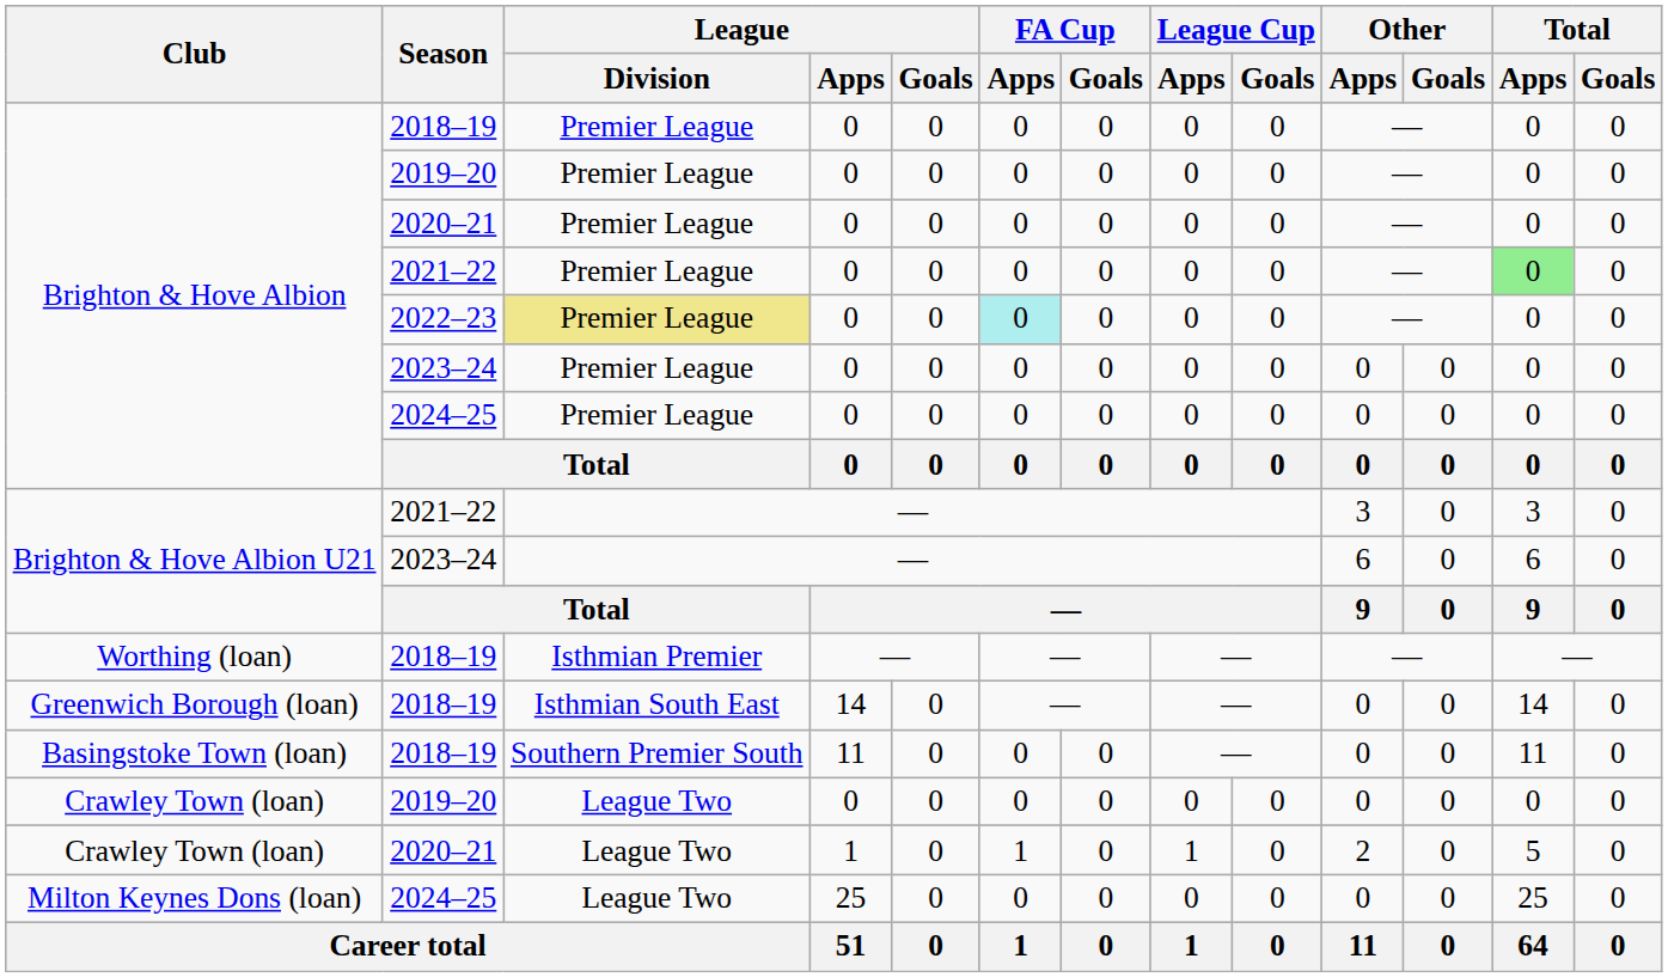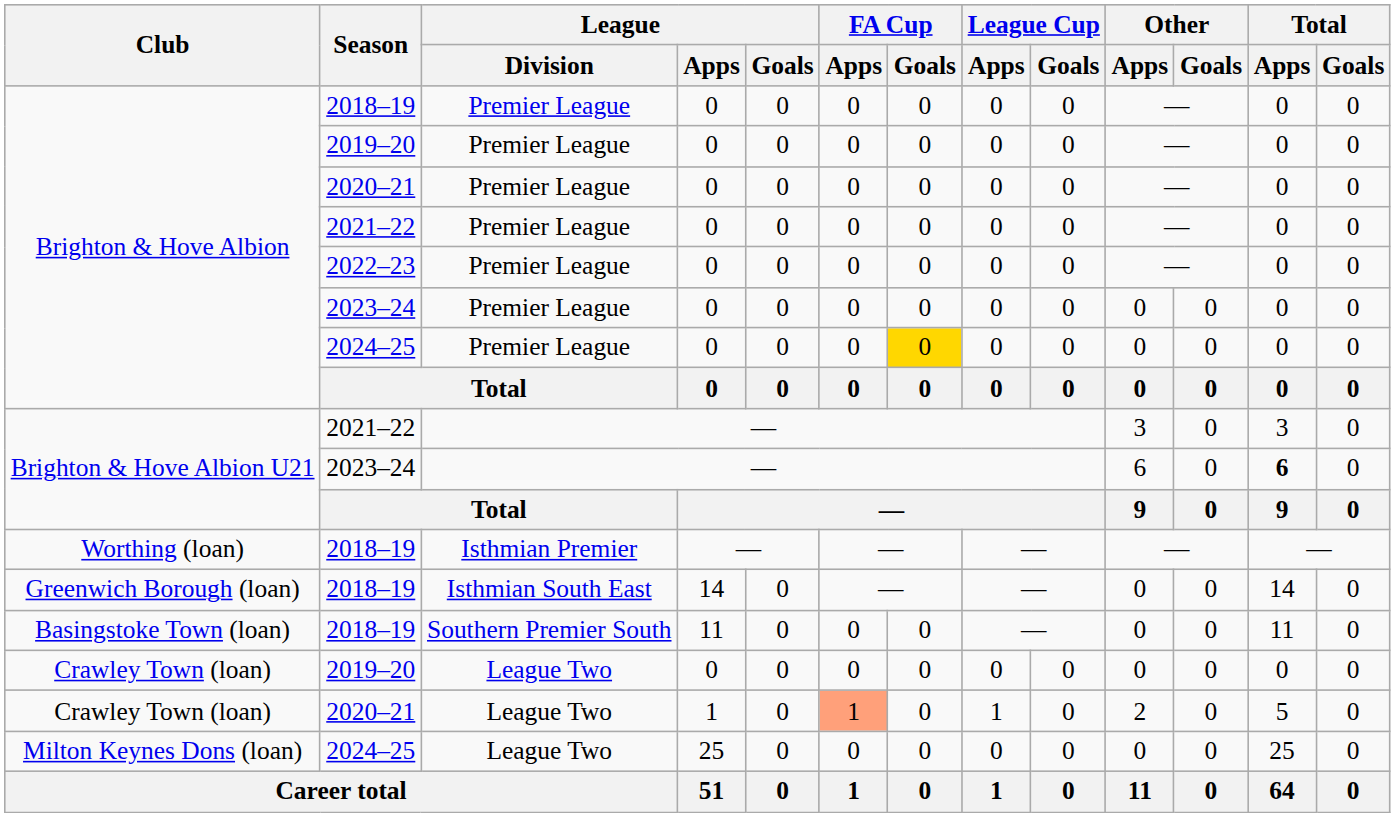 <table class="wikitable" style="text-align: center">
 <tr>
 <th rowspan="2">Club</th>
 <th rowspan="2">Season</th>
 <th colspan="3">League</th>
 <th colspan="2"><a href='#'>FA Cup</a></th>
 <th colspan="2"><a href='#'>League Cup</a></th>
 <th colspan="2">Other</th>
 <th colspan="2">Total</th>
 </tr>
 <tr>
 <th>Division</th>
 <th>Apps</th>
 <th>Goals</th>
 <th>Apps</th>
 <th>Goals</th>
 <th>Apps</th>
 <th>Goals</th>
 <th>Apps</th>
 <th>Goals</th>
 <th>Apps</th>
 <th>Goals</th>
 </tr>
 <tr>
 <td rowspan="8"><a href='#'>Brighton & Hove Albion</a></td>
 <td><a href='#'>2018–19</a></td>
 <td><a href='#'>Premier League</a></td>
 <td>0</td>
 <td>0</td>
 <td>0</td>
 <td>0</td>
 <td>0</td>
 <td>0</td>
 <td colspan="2">—</td>
 <td>0</td>
 <td>0</td>
 </tr>
 <tr>
 <td><a href='#'>2019–20</a></td>
 <td>Premier League</td>
 <td>0</td>
 <td>0</td>
 <td>0</td>
 <td>0</td>
 <td>0</td>
 <td>0</td>
 <td colspan="2">—</td>
 <td>0</td>
 <td>0</td>
 </tr>
 <tr>
 <td><a href='#'>2020–21</a></td>
 <td>Premier League</td>
 <td>0</td>
 <td>0</td>
 <td>0</td>
 <td>0</td>
 <td>0</td>
 <td>0</td>
 <td colspan="2">—</td>
 <td>0</td>
 <td>0</td>
 </tr>
 <tr>
 <td><a href='#'>2021–22</a></td>
 <td>Premier League</td>
 <td>0</td>
 <td>0</td>
 <td>0</td>
 <td>0</td>
 <td>0</td>
 <td>0</td>
 <td colspan="2">—</td>
-<td style="background: lightgreen;">0</td>
+<td>0</td>
 <td>0</td>
 </tr>
 <tr>
 <td><a href='#'>2022–23</a></td>
-<td style="background: khaki;">Premier League</td>
+<td>Premier League</td>
 <td>0</td>
 <td>0</td>
-<td style="background: paleturquoise;">0</td>
+<td>0</td>
 <td>0</td>
 <td>0</td>
 <td>0</td>
 <td colspan="2">—</td>
 <td>0</td>
 <td>0</td>
 </tr>
 <tr>
 <td><a href='#'>2023–24</a></td>
 <td>Premier League</td>
 <td>0</td>
 <td>0</td>
 <td>0</td>
 <td>0</td>
 <td>0</td>
 <td>0</td>
 <td>0</td>
 <td>0</td>
 <td>0</td>
 <td>0</td>
 </tr>
 <tr>
 <td><a href='#'>2024–25</a></td>
 <td>Premier League</td>
 <td>0</td>
 <td>0</td>
 <td>0</td>
-<td>0</td>
+<td style="background: gold;">0</td>
 <td>0</td>
 <td>0</td>
 <td>0</td>
 <td>0</td>
 <td>0</td>
 <td>0</td>
 </tr>
 <tr>
 <th colspan="2">Total</th>
 <th>0</th>
 <th>0</th>
 <th>0</th>
 <th>0</th>
 <th>0</th>
 <th>0</th>
 <th>0</th>
 <th>0</th>
 <th>0</th>
 <th>0</th>
 </tr>
 <tr>
 <td rowspan="3"><a href='#'>Brighton & Hove Albion U21</a></td>
 <td>2021–22</td>
 <td colspan="7">—</td>
 <td>3</td>
 <td>0</td>
 <td>3</td>
 <td>0</td>
 </tr>
 <tr>
 <td>2023–24</td>
 <td colspan="7">—</td>
 <td>6</td>
 <td>0</td>
-<td>6</td>
+<td><strong>6</strong></td>
 <td>0</td>
 </tr>
 <tr>
 <th colspan=2>Total</th>
 <th colspan=6>—</th>
 <th>9</th>
 <th>0</th>
 <th>9</th>
 <th>0</th>
 </tr>
 <tr>
 <td><a href='#'>Worthing</a> (loan)</td>
 <td><a href='#'>2018–19</a></td>
 <td><a href='#'>Isthmian Premier</a></td>
 <td colspan="2">—</td>
 <td colspan="2">—</td>
 <td colspan="2">—</td>
 <td colspan="2">—</td>
 <td colspan="2">—</td>
 </tr>
 <tr>
 <td><a href='#'>Greenwich Borough</a> (loan)</td>
 <td><a href='#'>2018–19</a></td>
 <td><a href='#'>Isthmian South East</a></td>
 <td>14</td>
 <td>0</td>
 <td colspan="2">—</td>
 <td colspan="2">—</td>
 <td>0</td>
 <td>0</td>
 <td>14</td>
 <td>0</td>
 </tr>
 <tr>
 <td><a href='#'>Basingstoke Town</a> (loan)</td>
 <td><a href='#'>2018–19</a></td>
 <td><a href='#'>Southern Premier South</a></td>
 <td>11</td>
 <td>0</td>
 <td>0</td>
 <td>0</td>
 <td colspan="2">—</td>
 <td>0</td>
 <td>0</td>
 <td>11</td>
 <td>0</td>
 </tr>
 <tr>
 <td><a href='#'>Crawley Town</a> (loan)</td>
 <td><a href='#'>2019–20</a></td>
 <td><a href='#'>League Two</a></td>
 <td>0</td>
 <td>0</td>
 <td>0</td>
 <td>0</td>
 <td>0</td>
 <td>0</td>
 <td>0</td>
 <td>0</td>
 <td>0</td>
 <td>0</td>
 </tr>
 <tr>
 <td>Crawley Town (loan)</td>
 <td><a href='#'>2020–21</a></td>
 <td>League Two</td>
 <td>1</td>
 <td>0</td>
-<td>1</td>
+<td style="background: lightsalmon;">1</td>
 <td>0</td>
 <td>1</td>
 <td>0</td>
 <td>2</td>
 <td>0</td>
 <td>5</td>
 <td>0</td>
 </tr>
 <tr>
 <td><a href='#'>Milton Keynes Dons</a> (loan)</td>
 <td><a href='#'>2024–25</a></td>
 <td>League Two</td>
 <td>25</td>
 <td>0</td>
 <td>0</td>
 <td>0</td>
 <td>0</td>
 <td>0</td>
 <td>0</td>
 <td>0</td>
 <td>25</td>
 <td>0</td>
 </tr>
 <tr>
 <th colspan="3">Career total</th>
 <th>51</th>
 <th>0</th>
 <th>1</th>
 <th>0</th>
 <th>1</th>
 <th>0</th>
 <th>11</th>
 <th>0</th>
 <th>64</th>
 <th>0</th>
 </tr>
 </table>
